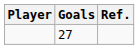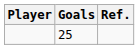 <table class="wikitable">
 <tr>
 <th>Player</th>
 <th>Goals</th>
 <th>Ref.</th>
 </tr>
 <tr>
 <td></td>
-<td>27</td>
+<td>25</td>
 <td></td>
 </tr>
 </table>
